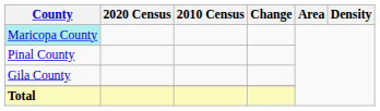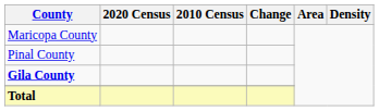 <table class="wikitable sortable">
 <tr>
 <th><a href='#'>County</a></th>
 <th>2020 Census</th>
 <th>2010 Census</th>
 <th>Change</th>
 <th>Area</th>
 <th>Density</th>
 </tr>
 <tr>
-<td style="background: paleturquoise;"><a href='#'>Maricopa County</a></td>
+<td><a href='#'>Maricopa County</a></td>
 <td></td>
 <td></td>
 <td></td>
 </tr>
 <tr>
 <td><a href='#'>Pinal County</a></td>
 <td></td>
 <td></td>
 <td></td>
 </tr>
 <tr>
-<td><a href='#'>Gila County</a></td>
+<td><strong><a href='#'>Gila County</a></strong></td>
 <td></td>
 <td></td>
 <td></td>
 </tr>
 <tr>
 </tr>
 <tr class=sortbottom style="background:#fbfbbb">
 <td><strong>Total</strong></td>
 <td></td>
 <td></td>
 <td></td>
 </tr>
 </table>
